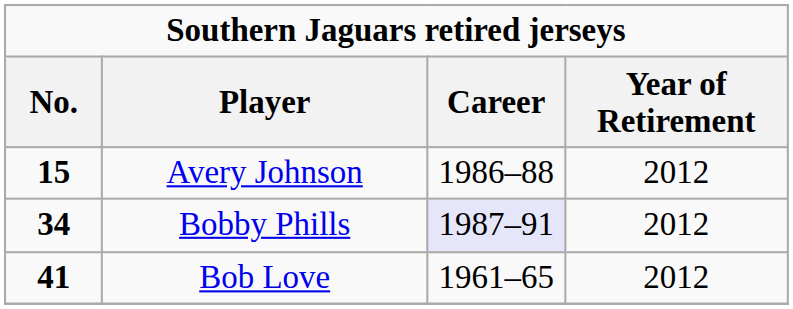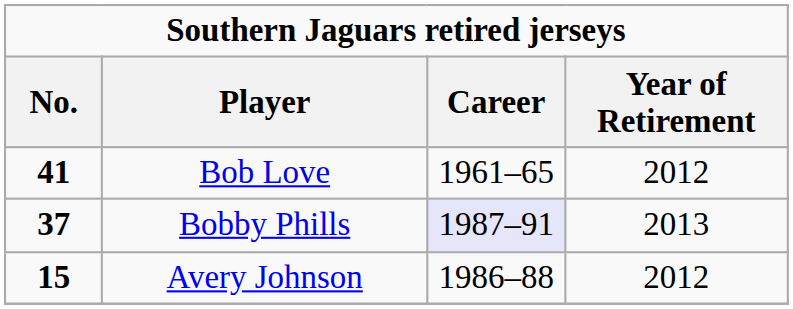 <table class="wikitable sortable" style="text-align:center">
 <tr>
 <td colspan="4"><strong>Southern Jaguars retired jerseys</strong></td>
 </tr>
 <tr>
 <th width=40px>No.</th>
 <th width=150px>Player</th>
 <th width=60px>Career</th>
 <th width=100px>Year of Retirement</th>
 </tr>
 <tr>
+<td><strong>41</strong></td>
+<td><a href='#'>Bob Love</a></td>
+<td>1961–65</td>
+<td>2012</td>
+</tr>
+<tr>
+<td><strong>37</strong></td>
+<td><a href='#'>Bobby Phills</a></td>
+<td style="background: lavender;">1987–91</td>
+<td>2013</td>
+</tr>
+<tr>
 <td><strong>15</strong></td>
 <td><a href='#'>Avery Johnson</a></td>
 <td>1986–88</td>
 <td>2012</td>
 </tr>
 <tr>
-<td><strong>34</strong></td>
-<td><a href='#'>Bobby Phills</a></td>
-<td style="background: lavender;">1987–91</td>
-<td>2012</td>
-</tr>
-<tr>
-<td><strong>41</strong></td>
-<td><a href='#'>Bob Love</a></td>
-<td>1961–65</td>
-<td>2012</td>
-</tr>
-<tr>
 </tr>
 </table>
